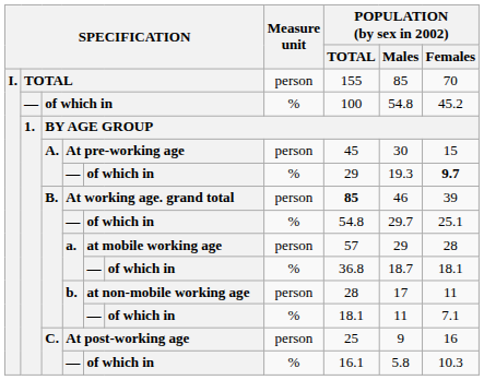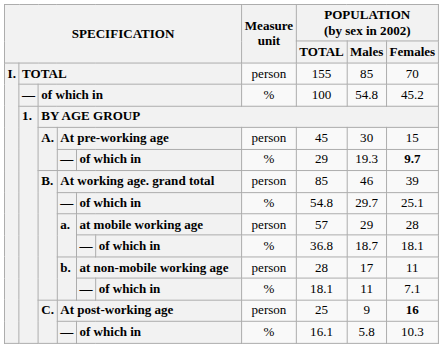 <table class="wikitable" style="font-size:85%; text-align:center">
 <tr>
 <th rowspan="2" colspan="6">SPECIFICATION</th>
 <th rowspan="2">Measure<br> unit</th>
 <th colspan="3" rowspan="1">POPULATION<br> (by sex in 2002)</th>
 </tr>
 <tr>
 <th>TOTAL</th>
 <th>Males</th>
 <th>Females</th>
 </tr>
 <tr>
 <th style="text-align:left" valign="top" rowspan="13">I.</th>
 <th style="text-align:left" colspan="5">TOTAL</th>
 <td>person</td>
 <td>155</td>
 <td>85</td>
 <td>70</td>
 </tr>
 <tr>
 <th style="text-align:left" valign="top">—</th>
 <th style="text-align:left" colspan="4">of which in</th>
 <td>%</td>
 <td>100</td>
 <td>54.8</td>
 <td>45.2</td>
 </tr>
 <tr>
 <th style="text-align:left" valign="top" rowspan="11">1.</th>
 <th style="text-align:left" colspan="19">BY AGE GROUP</th>
 </tr>
 <tr>
 <th style="text-align:left" valign="top" rowspan="2">A.</th>
 <th style="text-align:left" colspan="3">At pre-working age</th>
 <td>person</td>
 <td>45</td>
 <td>30</td>
 <td>15</td>
 </tr>
 <tr>
 <th style="text-align:left" valign="top">—</th>
 <th style="text-align:left" valign="top" colspan="2">of which in</th>
 <td>%</td>
 <td>29</td>
 <td>19.3</td>
 <td><strong>9.7</strong></td>
 </tr>
 <tr>
 <th style="text-align:left" valign="top" rowspan="6">B.</th>
 <th style="text-align:left" colspan="3">At working age. grand total</th>
 <td>person</td>
-<td><strong>85</strong></td>
+<td>85</td>
 <td>46</td>
 <td>39</td>
 </tr>
 <tr>
 <th style="text-align:left" valign="top">—</th>
 <th style="text-align:left" valign="top" colspan="2">of which in</th>
 <td>%</td>
 <td>54.8</td>
 <td>29.7</td>
 <td>25.1</td>
 </tr>
 <tr>
 <th style="text-align:left" valign="top" rowspan="2">a.</th>
 <th style="text-align:left" colspan="2">at mobile working age</th>
 <td>person</td>
 <td>57</td>
 <td>29</td>
 <td>28</td>
 </tr>
 <tr>
 <th style="text-align:left" valign="top">—</th>
 <th style="text-align:left" valign="top" colspan="1">of which in                        </th>
 <td>%</td>
 <td>36.8</td>
 <td>18.7</td>
 <td>18.1</td>
 </tr>
 <tr>
 <th style="text-align:left" valign="top" rowspan="2">b.</th>
 <th style="text-align:left" colspan="2">at non-mobile working age</th>
 <td>person</td>
 <td>28</td>
 <td>17</td>
 <td>11</td>
 </tr>
 <tr>
 <th style="text-align:left" valign="top">—</th>
 <th style="text-align:left" valign="top" colspan="1">of which in                        </th>
 <td>%</td>
 <td>18.1</td>
 <td>11</td>
 <td>7.1</td>
 </tr>
 <tr>
 <th style="text-align:left" valign="top" rowspan="2">C.</th>
 <th style="text-align:left" colspan="3">At post-working age</th>
 <td>person</td>
 <td>25</td>
 <td>9</td>
-<td>16</td>
+<td><strong>16</strong></td>
 </tr>
 <tr>
 <th style="text-align:left" valign="top">—</th>
 <th style="text-align:left" valign="top" colspan="2">of which in</th>
 <td>%</td>
 <td>16.1</td>
 <td>5.8</td>
 <td>10.3</td>
 </tr>
 </table>
